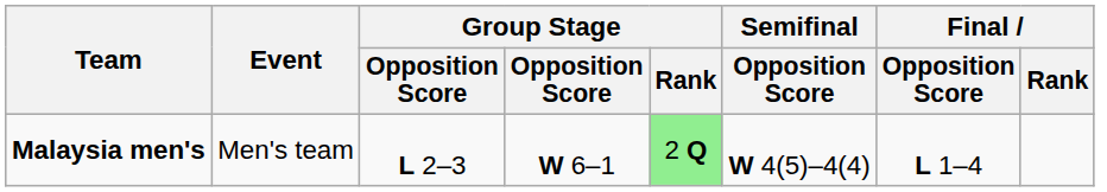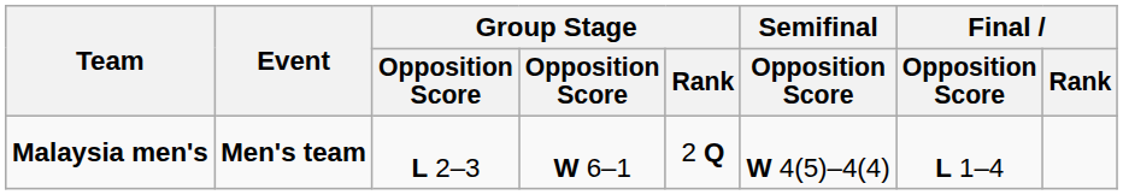 <table class="wikitable" style="font-size:90%">
 <tr>
 <th rowspan=2>Team</th>
 <th rowspan=2>Event</th>
 <th colspan=3>Group Stage</th>
 <th>Semifinal</th>
 <th colspan=2>Final / </th>
 </tr>
 <tr style="font-size:95%">
 <th>Opposition<br>Score</th>
 <th>Opposition<br>Score</th>
 <th>Rank</th>
 <th>Opposition<br>Score</th>
 <th>Opposition<br>Score</th>
 <th>Rank</th>
 </tr>
 <tr align=center>
 <td align=left><strong>Malaysia men's</strong></td>
-<td align=left>Men's team</td>
+<td align=left><strong>Men's team</strong></td>
 <td><br><strong>L</strong> 2–3</td>
 <td><br><strong>W</strong> 6–1</td>
-<td style="background: lightgreen;">2 <strong>Q</strong></td>
+<td>2 <strong>Q</strong></td>
 <td><br><strong>W</strong> 4(5)–4(4)</td>
 <td><br><strong>L</strong> 1–4</td>
 <td></td>
 </tr>
 </table>
